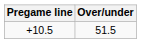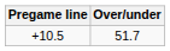 <table class="wikitable" style="margin-left: auto; margin-right: auto; border: none; display: inline-table;">
 <tr align="center">
 <th style=>Pregame line</th>
 <th style=>Over/under</th>
 </tr>
 <tr align="center">
 <td>+10.5</td>
-<td>51.5</td>
+<td>51.7</td>
 </tr>
 </table>
